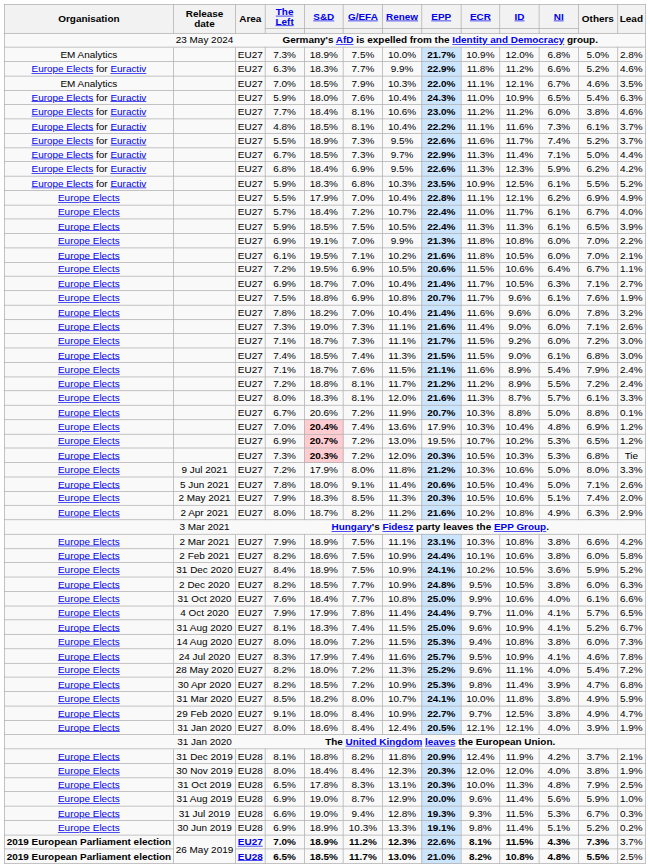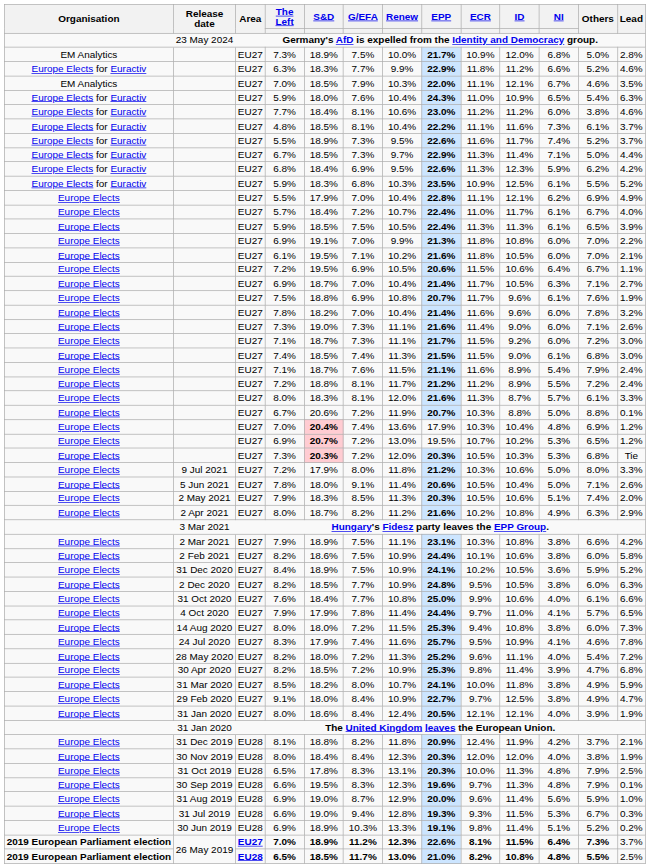 <table class="wikitable sortable mw-datatable" style="text-align:center;font-size:90%;line-height:14px;">
 <tr>
 <th rowspan="2">Organisation</th>
 <th rowspan="2">Release<br>date</th>
 <th rowspan="2">Area</th>
 <th class="unsortable" style="width:50px;"><a href='#'>The Left</a></th>
 <th class="unsortable" style="width:50px;"><a href='#'>S&D</a></th>
 <th class="unsortable" style="width:50px;"><a href='#'>G/EFA</a></th>
 <th class="unsortable" style="width:50px;"><a href='#'>Renew</a></th>
 <th class="unsortable" style="width:50px;"><a href='#'>EPP</a></th>
 <th class="unsortable" style="width:50px;"><a href='#'>ECR</a></th>
 <th class="unsortable" style="width:50px;"><a href='#'>ID</a></th>
 <th class="unsortable" style="width:50px;"><a href='#'>NI</a></th>
 <th rowspan="2" class="unsortable" style="width:50px;">Others</th>
 <th rowspan="2">Lead</th>
 </tr>
 <tr>
 <th data-sort-type="number" style="background:"></th>
 <th data-sort-type="number" style="background:"></th>
 <th data-sort-type="number" style="background:"></th>
 <th data-sort-type="number" style="background:"></th>
 <th data-sort-type="number" style="background:"></th>
 <th data-sort-type="number" style="background:"></th>
 <th data-sort-type="number" style="background:"></th>
 <th data-sort-type="number" style="background:"></th>
 </tr>
 <tr>
 <td style="border-right-style:hidden;"></td>
 <td style="border-right-style:hidden;">23 May 2024</td>
 <td colspan="11"><strong>Germany's <a href='#'>AfD</a> is expelled from the <a href='#'>Identity and Democracy</a> group.</strong></td>
 </tr>
 <tr>
 <td>EM Analytics</td>
 <td></td>
 <td>EU27</td>
 <td>7.3%</td>
 <td>18.9%</td>
 <td>7.5%</td>
 <td>10.0%</td>
 <td style="background:#CCE5FF;"><strong>21.7%</strong></td>
 <td>10.9%</td>
 <td>12.0%</td>
 <td>6.8%</td>
 <td>5.0%</td>
 <td style="background:">2.8%</td>
 </tr>
 <tr>
 <td><a href='#'>Europe Elects</a> for <a href='#'>Euractiv</a></td>
 <td></td>
 <td>EU27</td>
 <td>6.3%</td>
 <td>18.3%</td>
 <td>7.7%</td>
 <td>9.9%</td>
 <td style="background:#CCE5FF;"><strong>22.9%</strong></td>
 <td>11.8%</td>
 <td>11.2%</td>
 <td>6.6%</td>
 <td>5.2%</td>
 <td style="background:">4.6%</td>
 </tr>
 <tr>
 <td>EM Analytics</td>
 <td></td>
 <td>EU27</td>
 <td>7.0%</td>
 <td>18.5%</td>
 <td>7.9%</td>
 <td>10.3%</td>
 <td style="background:#CCE5FF;"><strong>22.0%</strong></td>
 <td>11.1%</td>
 <td>12.1%</td>
 <td>6.7%</td>
 <td>4.6%</td>
 <td style="background:">3.5%</td>
 </tr>
 <tr>
 <td><a href='#'>Europe Elects</a> for <a href='#'>Euractiv</a></td>
 <td></td>
 <td>EU27</td>
 <td>5.9%</td>
 <td>18.0%</td>
 <td>7.6%</td>
 <td>10.4%</td>
 <td style="background:#CCE5FF;"><strong>24.3%</strong></td>
 <td>11.0%</td>
 <td>10.9%</td>
 <td>6.5%</td>
 <td>5.4%</td>
 <td style="background:">6.3%</td>
 </tr>
 <tr>
 <td><a href='#'>Europe Elects</a> for <a href='#'>Euractiv</a></td>
 <td></td>
 <td>EU27</td>
 <td>7.7%</td>
 <td>18.4%</td>
 <td>8.1%</td>
 <td>10.6%</td>
 <td style="background:#CCE5FF;"><strong>23.0%</strong></td>
 <td>11.2%</td>
 <td>11.2%</td>
 <td>6.0%</td>
 <td>3.8%</td>
 <td style="background:">4.6%</td>
 </tr>
 <tr>
 <td><a href='#'>Europe Elects</a> for <a href='#'>Euractiv</a></td>
 <td></td>
 <td>EU27</td>
 <td>4.8%</td>
 <td>18.5%</td>
 <td>8.1%</td>
 <td>10.4%</td>
 <td style="background:#CCE5FF;"><strong>22.2%</strong></td>
 <td>11.1%</td>
 <td>11.6%</td>
 <td>7.3%</td>
 <td>6.1%</td>
 <td style="background:">3.7%</td>
 </tr>
 <tr>
 <td><a href='#'>Europe Elects</a> for <a href='#'>Euractiv</a></td>
 <td></td>
 <td>EU27</td>
 <td>5.5%</td>
 <td>18.9%</td>
 <td>7.3%</td>
 <td>9.5%</td>
 <td style="background:#CCE5FF;"><strong>22.6%</strong></td>
 <td>11.6%</td>
 <td>11.7%</td>
 <td>7.4%</td>
 <td>5.2%</td>
 <td style="background:">3.7%</td>
 </tr>
 <tr>
 <td><a href='#'>Europe Elects</a> for <a href='#'>Euractiv</a></td>
 <td></td>
 <td>EU27</td>
 <td>6.7%</td>
 <td>18.5%</td>
 <td>7.3%</td>
 <td>9.7%</td>
 <td style="background:#CCE5FF;"><strong>22.9%</strong></td>
 <td>11.3%</td>
 <td>11.4%</td>
 <td>7.1%</td>
 <td>5.0%</td>
 <td style="background:">4.4%</td>
 </tr>
 <tr>
 <td><a href='#'>Europe Elects</a> for <a href='#'>Euractiv</a></td>
 <td></td>
 <td>EU27</td>
 <td>6.8%</td>
 <td>18.4%</td>
 <td>6.9%</td>
 <td>9.5%</td>
 <td style="background:#CCE5FF;"><strong>22.6%</strong></td>
 <td>11.3%</td>
 <td>12.3%</td>
 <td>5.9%</td>
 <td>6.2%</td>
 <td style="background:">4.2%</td>
 </tr>
 <tr>
 <td><a href='#'>Europe Elects</a> for <a href='#'>Euractiv</a></td>
 <td></td>
 <td>EU27</td>
 <td>5.9%</td>
 <td>18.3%</td>
 <td>6.8%</td>
 <td>10.3%</td>
 <td style="background:#CCE5FF;"><strong>23.5%</strong></td>
 <td>10.9%</td>
 <td>12.5%</td>
 <td>6.1%</td>
 <td>5.5%</td>
 <td style="background:">5.2%</td>
 </tr>
 <tr>
 <td><a href='#'>Europe Elects</a></td>
 <td></td>
 <td>EU27</td>
 <td>5.5%</td>
 <td>17.9%</td>
 <td>7.0%</td>
 <td>10.4%</td>
 <td style="background:#CCE5FF;"><strong>22.8%</strong></td>
 <td>11.1%</td>
 <td>12.1%</td>
 <td>6.2%</td>
 <td>6.9%</td>
 <td style="background:">4.9%</td>
 </tr>
 <tr>
 <td><a href='#'>Europe Elects</a></td>
 <td></td>
 <td>EU27</td>
 <td>5.7%</td>
 <td>18.4%</td>
 <td>7.2%</td>
 <td>10.7%</td>
 <td style="background:#CCE5FF;"><strong>22.4%</strong></td>
 <td>11.0%</td>
 <td>11.7%</td>
 <td>6.1%</td>
 <td>6.7%</td>
 <td style="background:">4.0%</td>
 </tr>
 <tr>
 <td><a href='#'>Europe Elects</a></td>
 <td></td>
 <td>EU27</td>
 <td>5.9%</td>
 <td>18.5%</td>
 <td>7.5%</td>
 <td>10.5%</td>
 <td style="background:#CCE5FF;"><strong>22.4%</strong></td>
 <td>11.3%</td>
 <td>11.3%</td>
 <td>6.1%</td>
 <td>6.5%</td>
 <td style="background:">3.9%</td>
 </tr>
 <tr>
 <td><a href='#'>Europe Elects</a></td>
 <td></td>
 <td>EU27</td>
 <td>6.9%</td>
 <td>19.1%</td>
 <td>7.0%</td>
 <td>9.9%</td>
 <td style="background:#CCE5FF;"><strong>21.3%</strong></td>
 <td>11.8%</td>
 <td>10.8%</td>
 <td>6.0%</td>
 <td>7.0%</td>
 <td style="background:">2.2%</td>
 </tr>
 <tr>
 <td><a href='#'>Europe Elects</a></td>
 <td></td>
 <td>EU27</td>
 <td>6.1%</td>
 <td>19.5%</td>
 <td>7.1%</td>
 <td>10.2%</td>
 <td style="background:#CCE5FF;"><strong>21.6%</strong></td>
 <td>11.8%</td>
 <td>10.5%</td>
 <td>6.0%</td>
 <td>7.0%</td>
 <td style="background:">2.1%</td>
 </tr>
 <tr>
 <td><a href='#'>Europe Elects</a></td>
 <td></td>
 <td>EU27</td>
 <td>7.2%</td>
 <td>19.5%</td>
 <td>6.9%</td>
 <td>10.5%</td>
 <td style="background:#CCE5FF;"><strong>20.6%</strong></td>
 <td>11.5%</td>
 <td>10.6%</td>
 <td>6.4%</td>
 <td>6.7%</td>
 <td style="background:">1.1%</td>
 </tr>
 <tr>
 <td><a href='#'>Europe Elects</a></td>
 <td></td>
 <td>EU27</td>
 <td>6.9%</td>
 <td>18.7%</td>
 <td>7.0%</td>
 <td>10.4%</td>
 <td style="background:#CCE5FF;"><strong>21.4%</strong></td>
 <td>11.7%</td>
 <td>10.5%</td>
 <td>6.3%</td>
 <td>7.1%</td>
 <td style="background:">2.7%</td>
 </tr>
 <tr>
 <td><a href='#'>Europe Elects</a></td>
 <td></td>
 <td>EU27</td>
 <td>7.5%</td>
 <td>18.8%</td>
 <td>6.9%</td>
 <td>10.8%</td>
 <td style="background:#CCE5FF;"><strong>20.7%</strong></td>
 <td>11.7%</td>
 <td>9.6%</td>
 <td>6.1%</td>
 <td>7.6%</td>
 <td style="background:">1.9%</td>
 </tr>
 <tr>
 <td><a href='#'>Europe Elects</a></td>
 <td></td>
 <td>EU27</td>
 <td>7.8%</td>
 <td>18.2%</td>
 <td>7.0%</td>
 <td>10.4%</td>
 <td style="background:#CCE5FF;"><strong>21.4%</strong></td>
 <td>11.6%</td>
 <td>9.6%</td>
 <td>6.0%</td>
 <td>7.8%</td>
 <td style="background:">3.2%</td>
 </tr>
 <tr>
 <td><a href='#'>Europe Elects</a></td>
 <td></td>
 <td>EU27</td>
 <td>7.3%</td>
 <td>19.0%</td>
 <td>7.3%</td>
 <td>11.1%</td>
 <td style="background:#CCE5FF;"><strong>21.6%</strong></td>
 <td>11.4%</td>
 <td>9.0%</td>
 <td>6.0%</td>
 <td>7.1%</td>
 <td style="background:">2.6%</td>
 </tr>
 <tr>
 <td><a href='#'>Europe Elects</a></td>
 <td></td>
 <td>EU27</td>
 <td>7.1%</td>
 <td>18.7%</td>
 <td>7.3%</td>
 <td>11.1%</td>
 <td style="background:#CCE5FF;"><strong>21.7%</strong></td>
 <td>11.5%</td>
 <td>9.2%</td>
 <td>6.0%</td>
 <td>7.2%</td>
 <td style="background:">3.0%</td>
 </tr>
 <tr>
 <td><a href='#'>Europe Elects</a></td>
 <td></td>
 <td>EU27</td>
 <td>7.4%</td>
 <td>18.5%</td>
 <td>7.4%</td>
 <td>11.3%</td>
 <td style="background:#CCE5FF;"><strong>21.5%</strong></td>
 <td>11.5%</td>
 <td>9.0%</td>
 <td>6.1%</td>
 <td>6.8%</td>
 <td style="background:">3.0%</td>
 </tr>
 <tr>
 <td><a href='#'>Europe Elects</a></td>
 <td></td>
 <td>EU27</td>
 <td>7.1%</td>
 <td>18.7%</td>
 <td>7.6%</td>
 <td>11.5%</td>
 <td style="background:#CCE5FF;"><strong>21.1%</strong></td>
 <td>11.6%</td>
 <td>8.9%</td>
 <td>5.4%</td>
 <td>7.9%</td>
 <td style="background:">2.4%</td>
 </tr>
 <tr>
 <td><a href='#'>Europe Elects</a></td>
 <td></td>
 <td>EU27</td>
 <td>7.2%</td>
 <td>18.8%</td>
 <td>8.1%</td>
 <td>11.7%</td>
 <td style="background:#CCE5FF;"><strong>21.2%</strong></td>
 <td>11.2%</td>
 <td>8.9%</td>
 <td>5.5%</td>
 <td>7.2%</td>
 <td style="background:">2.4%</td>
 </tr>
 <tr>
 <td><a href='#'>Europe Elects</a></td>
 <td></td>
 <td>EU27</td>
 <td>8.0%</td>
 <td>18.3%</td>
 <td>8.1%</td>
 <td>12.0%</td>
 <td style="background:#CCE5FF;"><strong>21.6%</strong></td>
 <td>11.3%</td>
 <td>8.7%</td>
 <td>5.7%</td>
 <td>6.1%</td>
 <td style="background:">3.3%</td>
 </tr>
 <tr>
 <td><a href='#'>Europe Elects</a></td>
 <td></td>
 <td>EU27</td>
 <td>6.7%</td>
 <td>20.6%</td>
 <td>7.2%</td>
 <td>11.9%</td>
 <td style="background:#CCE5FF;"><strong>20.7%</strong></td>
 <td>10.3%</td>
 <td>8.8%</td>
 <td>5.0%</td>
 <td>8.8%</td>
 <td style="background:">0.1%</td>
 </tr>
 <tr>
 <td><a href='#'>Europe Elects</a></td>
 <td></td>
 <td>EU27</td>
 <td>7.0%</td>
 <td style="background:#FFCCD2;"><strong>20.4%</strong></td>
 <td>7.4%</td>
 <td>13.6%</td>
 <td>17.9%</td>
 <td>10.3%</td>
 <td>10.4%</td>
 <td>4.8%</td>
 <td>6.9%</td>
 <td style="background:">1.2%</td>
 </tr>
 <tr>
 <td><a href='#'>Europe Elects</a></td>
 <td></td>
 <td>EU27</td>
 <td>6.9%</td>
 <td style="background:#FFCCD2;"><strong>20.7%</strong></td>
 <td>7.2%</td>
 <td>13.0%</td>
 <td>19.5%</td>
 <td>10.7%</td>
 <td>10.2%</td>
 <td>5.3%</td>
 <td>6.5%</td>
 <td style="background:">1.2%</td>
 </tr>
 <tr>
 <td><a href='#'>Europe Elects</a></td>
 <td></td>
 <td>EU27</td>
 <td>7.3%</td>
 <td style="background:#FFCCD2;"><strong>20.3%</strong></td>
 <td>7.2%</td>
 <td>12.0%</td>
 <td style="background:#CCE5FF;"><strong>20.3%</strong></td>
 <td>10.5%</td>
 <td>10.3%</td>
 <td>5.3%</td>
 <td>6.8%</td>
 <td>Tie</td>
 </tr>
 <tr>
 <td><a href='#'>Europe Elects</a></td>
 <td>9 Jul 2021</td>
 <td>EU27</td>
 <td>7.2%</td>
 <td>17.9%</td>
 <td>8.0%</td>
 <td>11.8%</td>
 <td style="background:#CCE5FF;"><strong>21.2%</strong></td>
 <td>10.3%</td>
 <td>10.6%</td>
 <td>5.0%</td>
 <td>8.0%</td>
 <td style="background:">3.3%</td>
 </tr>
 <tr>
 <td><a href='#'>Europe Elects</a></td>
 <td>5 Jun 2021</td>
 <td>EU27</td>
 <td>7.8%</td>
 <td>18.0%</td>
 <td>9.1%</td>
 <td>11.4%</td>
 <td style="background:#CCE5FF;"><strong>20.6%</strong></td>
 <td>10.5%</td>
 <td>10.4%</td>
 <td>5.0%</td>
 <td>7.1%</td>
 <td style="background:">2.6%</td>
 </tr>
 <tr>
 <td><a href='#'>Europe Elects</a></td>
 <td>2 May 2021</td>
 <td>EU27</td>
 <td>7.9%</td>
 <td>18.3%</td>
 <td>8.5%</td>
 <td>11.3%</td>
 <td style="background:#CCE5FF;"><strong>20.3%</strong></td>
 <td>10.5%</td>
 <td>10.6%</td>
 <td>5.1%</td>
 <td>7.4%</td>
 <td style="background:">2.0%</td>
 </tr>
 <tr>
 <td><a href='#'>Europe Elects</a></td>
 <td>2 Apr 2021</td>
 <td>EU27</td>
 <td>8.0%</td>
 <td>18.7%</td>
 <td>8.2%</td>
 <td>11.2%</td>
 <td style="background:#CCE5FF;"><strong>21.6%</strong></td>
 <td>10.2%</td>
 <td>10.8%</td>
 <td>4.9%</td>
 <td>6.3%</td>
 <td style="background:">2.9%</td>
 </tr>
 <tr>
 <td style="border-right-style:hidden;"></td>
 <td style="border-right-style:hidden;">3 Mar 2021</td>
 <td colspan="11"><strong><a href='#'>Hungary</a>'s <a href='#'>Fidesz</a> party leaves the <a href='#'>EPP Group</a>.</strong></td>
 </tr>
 <tr>
 <td><a href='#'>Europe Elects</a></td>
 <td>2 Mar 2021</td>
 <td>EU27</td>
 <td>7.9%</td>
 <td>18.9%</td>
 <td>7.5%</td>
 <td>11.1%</td>
 <td style="background:#CCE5FF;"><strong>23.1%</strong></td>
 <td>10.3%</td>
 <td>10.8%</td>
 <td>3.8%</td>
 <td>6.6%</td>
 <td style="background:">4.2%</td>
 </tr>
 <tr>
 <td><a href='#'>Europe Elects</a></td>
 <td>2 Feb 2021</td>
 <td>EU27</td>
 <td>8.2%</td>
 <td>18.6%</td>
 <td>7.5%</td>
 <td>10.9%</td>
 <td style="background:#CCE5FF;"><strong>24.4%</strong></td>
 <td>10.1%</td>
 <td>10.6%</td>
 <td>3.8%</td>
 <td>6.0%</td>
 <td style="background:">5.8%</td>
 </tr>
 <tr>
 <td><a href='#'>Europe Elects</a></td>
 <td>31 Dec 2020</td>
 <td>EU27</td>
 <td>8.4%</td>
 <td>18.9%</td>
 <td>7.5%</td>
 <td>10.9%</td>
 <td style="background:#CCE5FF;"><strong>24.1%</strong></td>
 <td>10.2%</td>
 <td>10.5%</td>
 <td>3.6%</td>
 <td>5.9%</td>
 <td style="background:">5.2%</td>
 </tr>
 <tr>
 <td><a href='#'>Europe Elects</a></td>
 <td>2 Dec 2020</td>
 <td>EU27</td>
 <td>8.2%</td>
 <td>18.5%</td>
 <td>7.7%</td>
 <td>10.9%</td>
 <td style="background:#CCE5FF;"><strong>24.8%</strong></td>
 <td>9.5%</td>
 <td>10.5%</td>
 <td>3.8%</td>
 <td>6.0%</td>
 <td style="background:">6.3%</td>
 </tr>
 <tr>
 <td><a href='#'>Europe Elects</a></td>
 <td>31 Oct 2020</td>
 <td>EU27</td>
 <td>7.6%</td>
 <td>18.4%</td>
 <td>7.7%</td>
 <td>10.8%</td>
 <td style="background:#CCE5FF;"><strong>25.0%</strong></td>
 <td>9.9%</td>
 <td>10.6%</td>
 <td>4.0%</td>
 <td>6.1%</td>
 <td style="background:">6.6%</td>
 </tr>
 <tr>
 <td><a href='#'>Europe Elects</a></td>
 <td>4 Oct 2020</td>
 <td>EU27</td>
 <td>7.9%</td>
 <td>17.9%</td>
 <td>7.8%</td>
 <td>11.4%</td>
 <td style="background:#CCE5FF;"><strong>24.4%</strong></td>
 <td>9.7%</td>
 <td>11.0%</td>
 <td>4.1%</td>
 <td>5.7%</td>
 <td style="background:">6.5%</td>
 </tr>
 <tr>
 <td><a href='#'>Europe Elects</a></td>
-<td>31 Aug 2020</td>
-<td>EU27</td>
-<td>8.1%</td>
-<td>18.3%</td>
-<td>7.4%</td>
-<td>11.5%</td>
-<td style="background:#CCE5FF;"><strong>25.0%</strong></td>
-<td>9.6%</td>
-<td>10.9%</td>
-<td>4.1%</td>
-<td>5.2%</td>
-<td style="background:">6.7%</td>
-</tr>
-<tr>
-<td><a href='#'>Europe Elects</a></td>
 <td>14 Aug 2020</td>
 <td>EU27</td>
 <td>8.0%</td>
 <td>18.0%</td>
 <td>7.2%</td>
 <td>11.5%</td>
 <td style="background:#CCE5FF;"><strong>25.3%</strong></td>
 <td>9.4%</td>
 <td>10.8%</td>
 <td>3.8%</td>
 <td>6.0%</td>
 <td style="background:">7.3%</td>
 </tr>
 <tr>
 <td><a href='#'>Europe Elects</a></td>
 <td>24 Jul 2020</td>
 <td>EU27</td>
 <td>8.3%</td>
 <td>17.9%</td>
 <td>7.4%</td>
 <td>11.6%</td>
 <td style="background:#CCE5FF;"><strong>25.7%</strong></td>
 <td>9.5%</td>
 <td>10.9%</td>
 <td>4.1%</td>
 <td>4.6%</td>
 <td style="background:">7.8%</td>
 </tr>
 <tr>
 <td><a href='#'>Europe Elects</a></td>
 <td>28 May 2020</td>
 <td>EU27</td>
 <td>8.2%</td>
 <td>18.0%</td>
 <td>7.2%</td>
 <td>11.3%</td>
 <td style="background:#CCE5FF;"><strong>25.2%</strong></td>
 <td>9.6%</td>
 <td>11.1%</td>
 <td>4.0%</td>
 <td>5.4%</td>
 <td style="background:">7.2%</td>
 </tr>
 <tr>
 <td><a href='#'>Europe Elects</a></td>
 <td>30 Apr 2020</td>
 <td>EU27</td>
 <td>8.2%</td>
 <td>18.5%</td>
 <td>7.2%</td>
 <td>10.9%</td>
 <td style="background:#CCE5FF;"><strong>25.3%</strong></td>
 <td>9.8%</td>
 <td>11.4%</td>
 <td>3.9%</td>
 <td>4.7%</td>
 <td style="background:">6.8%</td>
 </tr>
 <tr>
 <td><a href='#'>Europe Elects</a></td>
 <td>31 Mar 2020</td>
 <td>EU27</td>
 <td>8.5%</td>
 <td>18.2%</td>
 <td>8.0%</td>
 <td>10.7%</td>
 <td style="background:#CCE5FF;"><strong>24.1%</strong></td>
 <td>10.0%</td>
 <td>11.8%</td>
 <td>3.8%</td>
 <td>4.9%</td>
 <td style="background:">5.9%</td>
 </tr>
 <tr>
 <td><a href='#'>Europe Elects</a></td>
 <td>29 Feb 2020</td>
 <td>EU27</td>
 <td>9.1%</td>
 <td>18.0%</td>
 <td>8.4%</td>
 <td>10.9%</td>
 <td style="background:#CCE5FF;"><strong>22.7%</strong></td>
 <td>9.7%</td>
 <td>12.5%</td>
 <td>3.8%</td>
 <td>4.9%</td>
 <td style="background:">4.7%</td>
 </tr>
 <tr>
 <td><a href='#'>Europe Elects</a></td>
 <td>31 Jan 2020</td>
 <td>EU27</td>
 <td>8.0%</td>
 <td>18.6%</td>
 <td>8.4%</td>
 <td>12.4%</td>
 <td style="background:#CCE5FF;"><strong>20.5%</strong></td>
 <td>12.1%</td>
 <td>12.1%</td>
 <td>4.0%</td>
 <td>3.9%</td>
 <td style="background:">1.9%</td>
 </tr>
 <tr>
 <td style="border-right-style:hidden;"></td>
 <td style="border-right-style:hidden;">31 Jan 2020</td>
 <td colspan="11"><strong>The <a href='#'>United Kingdom</a> <a href='#'>leaves</a> the European Union.</strong></td>
 </tr>
 <tr>
 <td><a href='#'>Europe Elects</a></td>
 <td>31 Dec 2019</td>
 <td>EU28</td>
 <td>8.1%</td>
 <td>18.8%</td>
 <td>8.2%</td>
 <td>11.8%</td>
 <td style="background:#CCE5FF;"><strong>20.9%</strong></td>
 <td>12.4%</td>
 <td>11.9%</td>
 <td>4.2%</td>
 <td>3.7%</td>
 <td style="background:">2.1%</td>
 </tr>
 <tr>
 <td><a href='#'>Europe Elects</a></td>
 <td>30 Nov 2019</td>
 <td>EU28</td>
 <td>8.0%</td>
 <td>18.4%</td>
 <td>8.4%</td>
 <td>12.3%</td>
 <td style="background:#CCE5FF;"><strong>20.3%</strong></td>
 <td>12.0%</td>
 <td>12.0%</td>
 <td>4.0%</td>
 <td>3.8%</td>
 <td style="background:">1.9%</td>
 </tr>
 <tr>
 <td><a href='#'>Europe Elects</a></td>
 <td>31 Oct 2019</td>
 <td>EU28</td>
 <td>6.5%</td>
 <td>17.8%</td>
 <td>8.3%</td>
 <td>13.1%</td>
 <td style="background:#CCE5FF;"><strong>20.3%</strong></td>
 <td>10.0%</td>
 <td>11.3%</td>
 <td>4.8%</td>
 <td>7.9%</td>
 <td style="background:">2.5%</td>
 </tr>
 <tr>
 <td><a href='#'>Europe Elects</a></td>
+<td>30 Sep 2019</td>
+<td>EU28</td>
+<td>6.6%</td>
+<td>19.5%</td>
+<td>8.3%</td>
+<td>12.3%</td>
+<td style="background:#CCE5FF;"><strong>19.6%</strong></td>
+<td>9.7%</td>
+<td>11.3%</td>
+<td>4.8%</td>
+<td>7.9%</td>
+<td style="background:">0.1%</td>
+</tr>
+<tr>
+<td><a href='#'>Europe Elects</a></td>
 <td>31 Aug 2019</td>
 <td>EU28</td>
 <td>6.9%</td>
 <td>19.0%</td>
 <td>8.7%</td>
 <td>12.9%</td>
 <td style="background:#CCE5FF;"><strong>20.0%</strong></td>
 <td>9.6%</td>
 <td>11.4%</td>
 <td>5.6%</td>
 <td>5.9%</td>
 <td style="background:">1.0%</td>
 </tr>
 <tr>
 <td><a href='#'>Europe Elects</a></td>
 <td>31 Jul 2019</td>
 <td>EU28</td>
 <td>6.6%</td>
 <td>19.0%</td>
 <td>9.4%</td>
 <td>12.8%</td>
 <td style="background:#CCE5FF;"><strong>19.3%</strong></td>
 <td>9.3%</td>
 <td>11.5%</td>
 <td>5.3%</td>
 <td>6.7%</td>
 <td style="background:">0.3%</td>
 </tr>
 <tr>
 <td><a href='#'>Europe Elects</a></td>
 <td>30 Jun 2019</td>
 <td>EU28</td>
 <td>6.9%</td>
 <td>18.9%</td>
 <td>10.3%</td>
 <td>13.3%</td>
 <td style="background:#CCE5FF;"><strong>19.1%</strong></td>
 <td>9.8%</td>
 <td>11.4%</td>
 <td>5.1%</td>
 <td>5.2%</td>
 <td style="background:">0.2%</td>
 </tr>
 <tr>
 <td><strong>2019 European Parliament election</strong></td>
 <td rowspan="2">26 May 2019</td>
 <td><strong><a href='#'>EU27</a></strong></td>
 <td><strong>7.0%</strong></td>
 <td><strong>18.9%</strong></td>
 <td><strong>11.2%</strong></td>
 <td><strong>12.3%</strong></td>
 <td style="background:#CCE5FF;"><strong>22.6%</strong></td>
 <td><strong>8.1%</strong></td>
 <td><strong>11.5%</strong></td>
-<td><strong>4.3%</strong></td>
+<td><strong>6.4%</strong></td>
 <td><strong>7.3%</strong></td>
 <td style="background:">3.7%</td>
 </tr>
 <tr>
 <td><strong>2019 European Parliament election</strong></td>
 <td><strong><a href='#'>EU28</a></strong></td>
 <td><strong>6.5%</strong></td>
 <td><strong>18.5%</strong></td>
 <td><strong>11.7%</strong></td>
 <td><strong>13.0%</strong></td>
 <td style="background:#CCE5FF;"><strong>21.0%</strong></td>
 <td><strong>8.2%</strong></td>
 <td><strong>10.8%</strong></td>
 <td><strong>4.8%</strong></td>
 <td><strong>5.5%</strong></td>
 <td style="background:">2.5%</td>
 </tr>
 </table>
